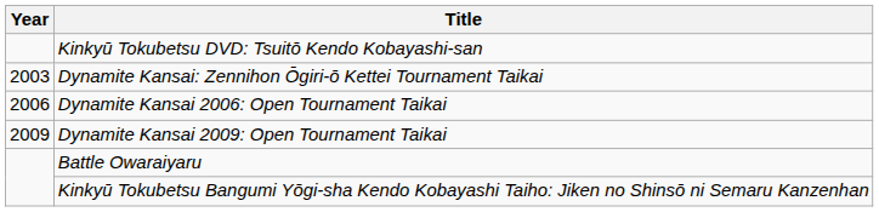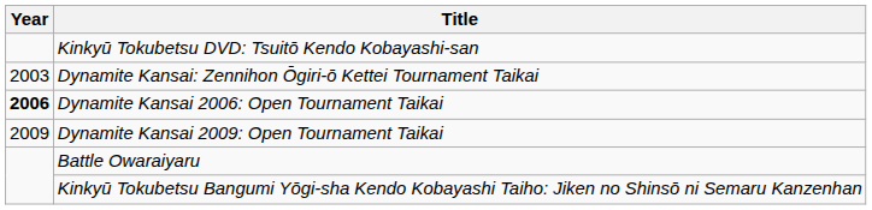 <table class="wikitable">
 <tr>
 <th>Year</th>
 <th>Title</th>
 </tr>
 <tr>
 <td></td>
 <td><em>Kinkyū Tokubetsu DVD: Tsuitō Kendo Kobayashi-san</em></td>
 </tr>
 <tr>
 <td>2003</td>
 <td><em>Dynamite Kansai: Zennihon Ōgiri-ō Kettei Tournament Taikai</em></td>
 </tr>
 <tr>
-<td>2006</td>
+<td><strong>2006</strong></td>
 <td><em>Dynamite Kansai 2006: Open Tournament Taikai</em></td>
 </tr>
 <tr>
 <td>2009</td>
 <td><em>Dynamite Kansai 2009: Open Tournament Taikai</em></td>
 </tr>
 <tr>
 <td rowspan="2"></td>
 <td><em>Battle Owaraiyaru</em></td>
 </tr>
 <tr>
 <td><em>Kinkyū Tokubetsu Bangumi Yōgi-sha Kendo Kobayashi Taiho: Jiken no Shinsō ni Semaru Kanzenhan</em></td>
 </tr>
 </table>
